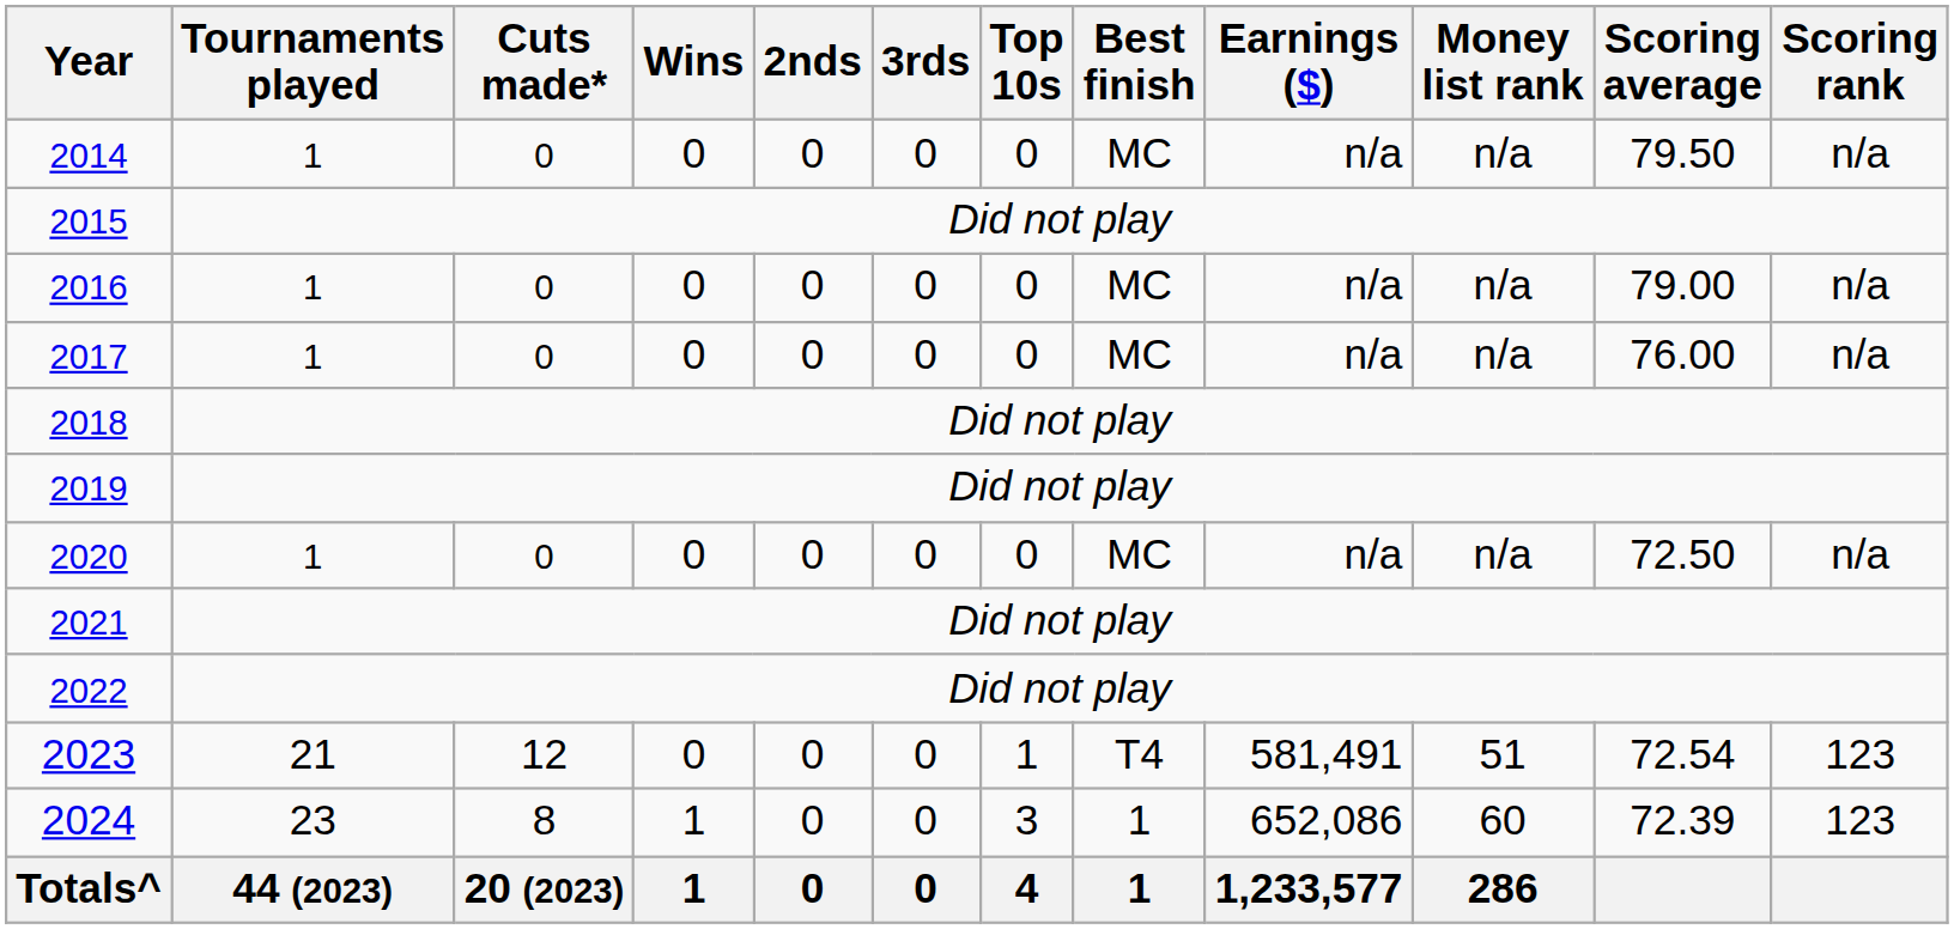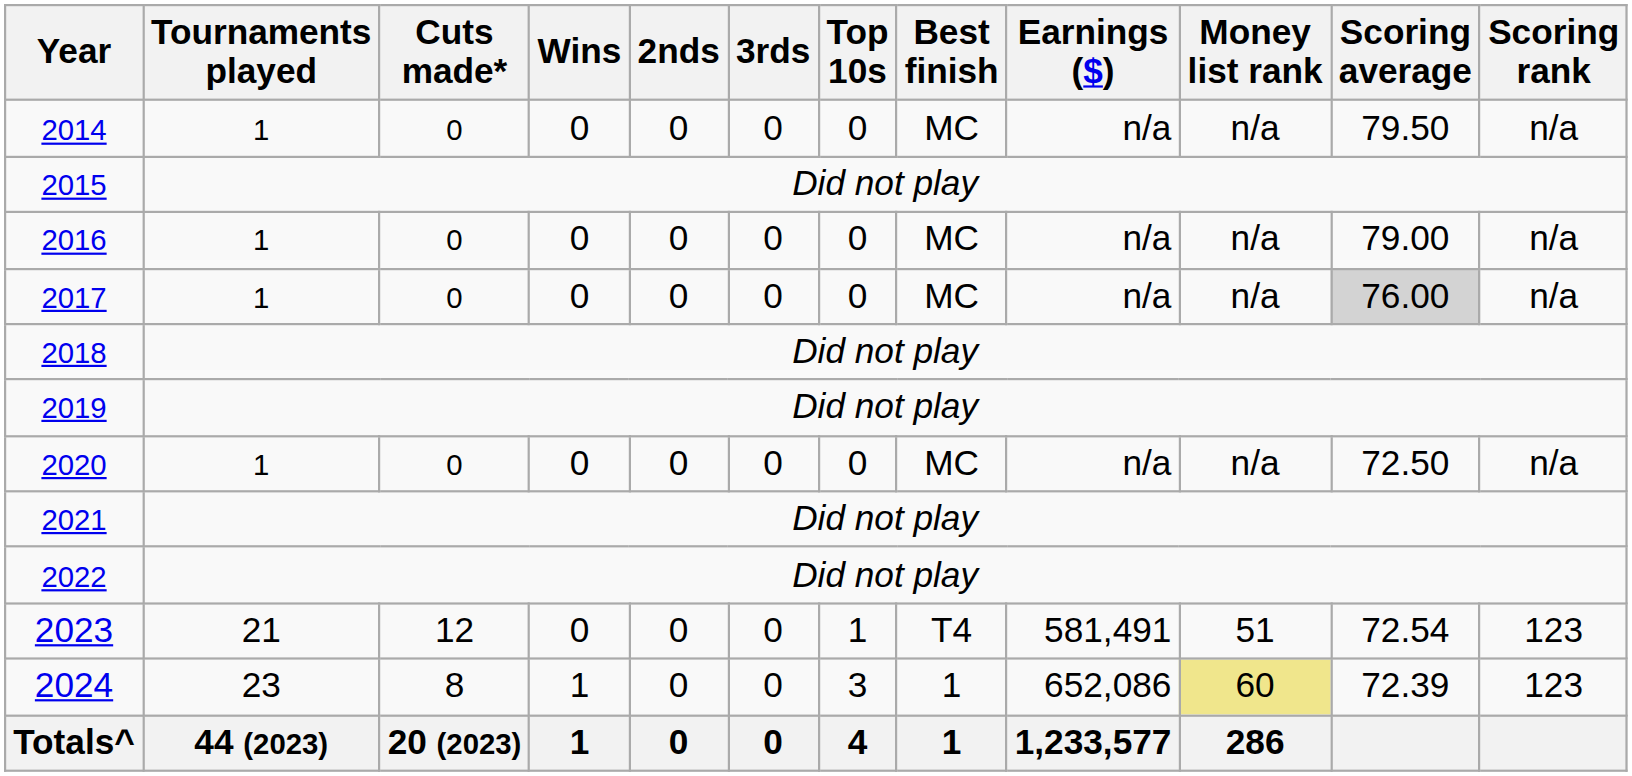 <table class="wikitable" style="text-align:center; ">
 <tr>
 <th>Year</th>
 <th>Tournaments <br>played</th>
 <th>Cuts <br>made*</th>
 <th>Wins</th>
 <th>2nds</th>
 <th>3rds</th>
 <th>Top <br>10s</th>
 <th>Best <br>finish</th>
 <th>Earnings<br>(<a href='#'>$</a>)</th>
 <th>Money<br>list rank</th>
 <th>Scoring <br> average</th>
 <th>Scoring<br>rank</th>
 </tr>
 <tr>
 <td><small><a href='#'>2014</a></small></td>
 <td><small>1</small></td>
 <td><small>0</small></td>
 <td>0</td>
 <td>0</td>
 <td>0</td>
 <td>0</td>
 <td>MC</td>
 <td align=right>n/a</td>
 <td>n/a</td>
 <td>79.50</td>
 <td>n/a</td>
 </tr>
 <tr>
 <td><small><a href='#'>2015</a></small></td>
 <td colspan=11><em>Did not play</em></td>
 </tr>
 <tr>
 <td><small><a href='#'>2016</a></small></td>
 <td><small>1</small></td>
 <td><small>0</small></td>
 <td>0</td>
 <td>0</td>
 <td>0</td>
 <td>0</td>
 <td>MC</td>
 <td align=right>n/a</td>
 <td>n/a</td>
 <td>79.00</td>
 <td>n/a</td>
 </tr>
 <tr>
 <td><small><a href='#'>2017</a></small></td>
 <td><small>1</small></td>
 <td><small>0</small></td>
 <td>0</td>
 <td>0</td>
 <td>0</td>
 <td>0</td>
 <td>MC</td>
 <td align=right>n/a</td>
 <td>n/a</td>
-<td>76.00</td>
+<td style="background: lightgrey;">76.00</td>
 <td>n/a</td>
 </tr>
 <tr>
 <td><small><a href='#'>2018</a></small></td>
 <td colspan=11><em>Did not play</em></td>
 </tr>
 <tr>
 <td><small><a href='#'>2019</a></small></td>
 <td colspan=11><em>Did not play</em></td>
 </tr>
 <tr>
 <td><small><a href='#'>2020</a></small></td>
 <td><small>1</small></td>
 <td><small>0</small></td>
 <td>0</td>
 <td>0</td>
 <td>0</td>
 <td>0</td>
 <td>MC</td>
 <td align=right>n/a</td>
 <td>n/a</td>
 <td>72.50</td>
 <td>n/a</td>
 </tr>
 <tr>
 <td><small><a href='#'>2021</a></small></td>
 <td colspan=11><em>Did not play</em></td>
 </tr>
 <tr>
 <td><small><a href='#'>2022</a></small></td>
 <td colspan=11><em>Did not play</em></td>
 </tr>
 <tr>
 <td><a href='#'>2023</a></td>
 <td>21</td>
 <td>12</td>
 <td>0</td>
 <td>0</td>
 <td>0</td>
 <td>1</td>
 <td>T4</td>
 <td align=right>581,491</td>
 <td>51</td>
 <td>72.54</td>
 <td>123</td>
 </tr>
 <tr>
 <td><a href='#'>2024</a></td>
 <td>23</td>
 <td>8</td>
 <td>1</td>
 <td>0</td>
 <td>0</td>
 <td>3</td>
 <td>1</td>
 <td align=right>652,086</td>
-<td>60</td>
+<td style="background: khaki;">60</td>
 <td>72.39</td>
 <td>123</td>
 </tr>
 <tr>
 <th>Totals^</th>
 <th>44 <small>(2023)</small> </th>
 <th>20 <small>(2023)</small> </th>
 <th>1 </th>
 <th>0 </th>
 <th>0 </th>
 <th>4 </th>
 <th>1 </th>
 <th align=right>1,233,577 </th>
 <th>286 </th>
 <th></th>
 <th></th>
 </tr>
 </table>
